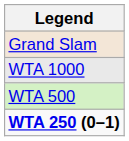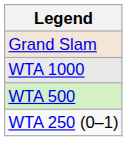 <table class=wikitable style=font-size:90%>
 <tr>
 <th>Legend</th>
 </tr>
 <tr>
 <td bgcolor=f3e6d7><a href='#'>Grand Slam</a></td>
 </tr>
 <tr>
 <td bgcolor=e9e9e9><a href='#'>WTA 1000</a></td>
 </tr>
 <tr>
 <td bgcolor=d4f1c5><a href='#'>WTA 500</a></td>
 </tr>
 <tr>
-<td><strong><a href='#'>WTA 250</a> (0–1)</strong></td>
+<td><a href='#'>WTA 250</a> (0–1)</td>
 </tr>
 </table>
